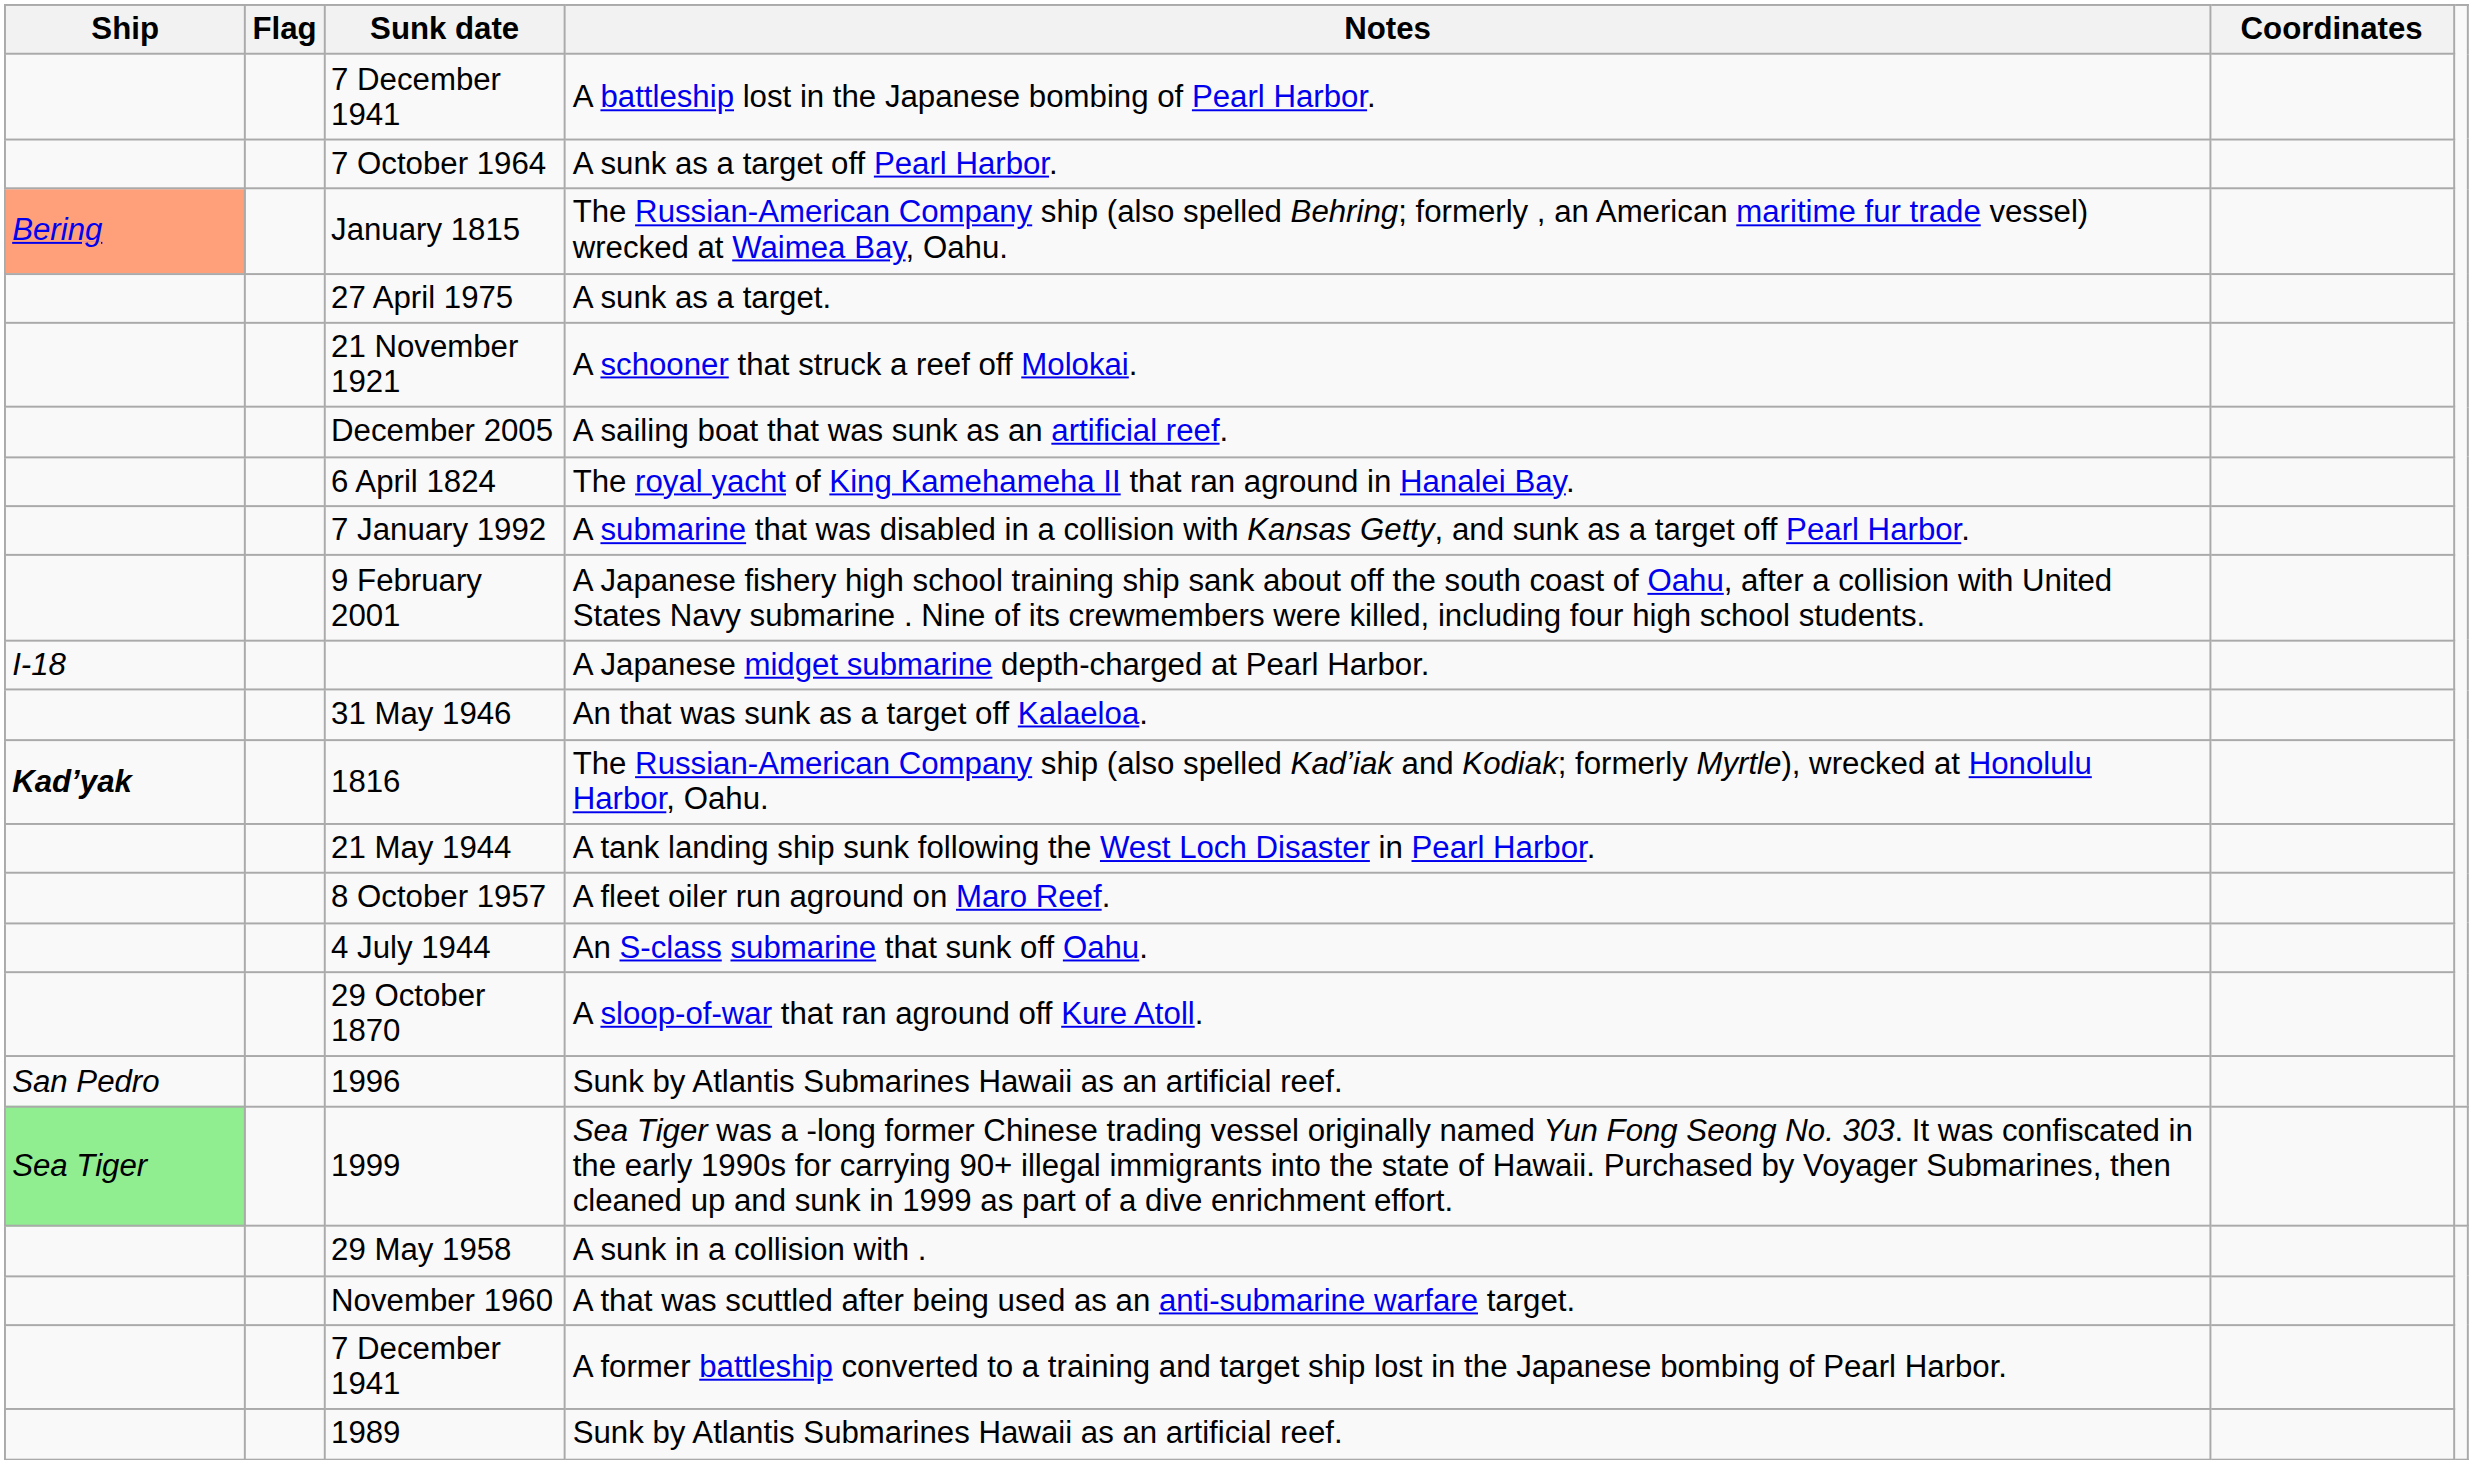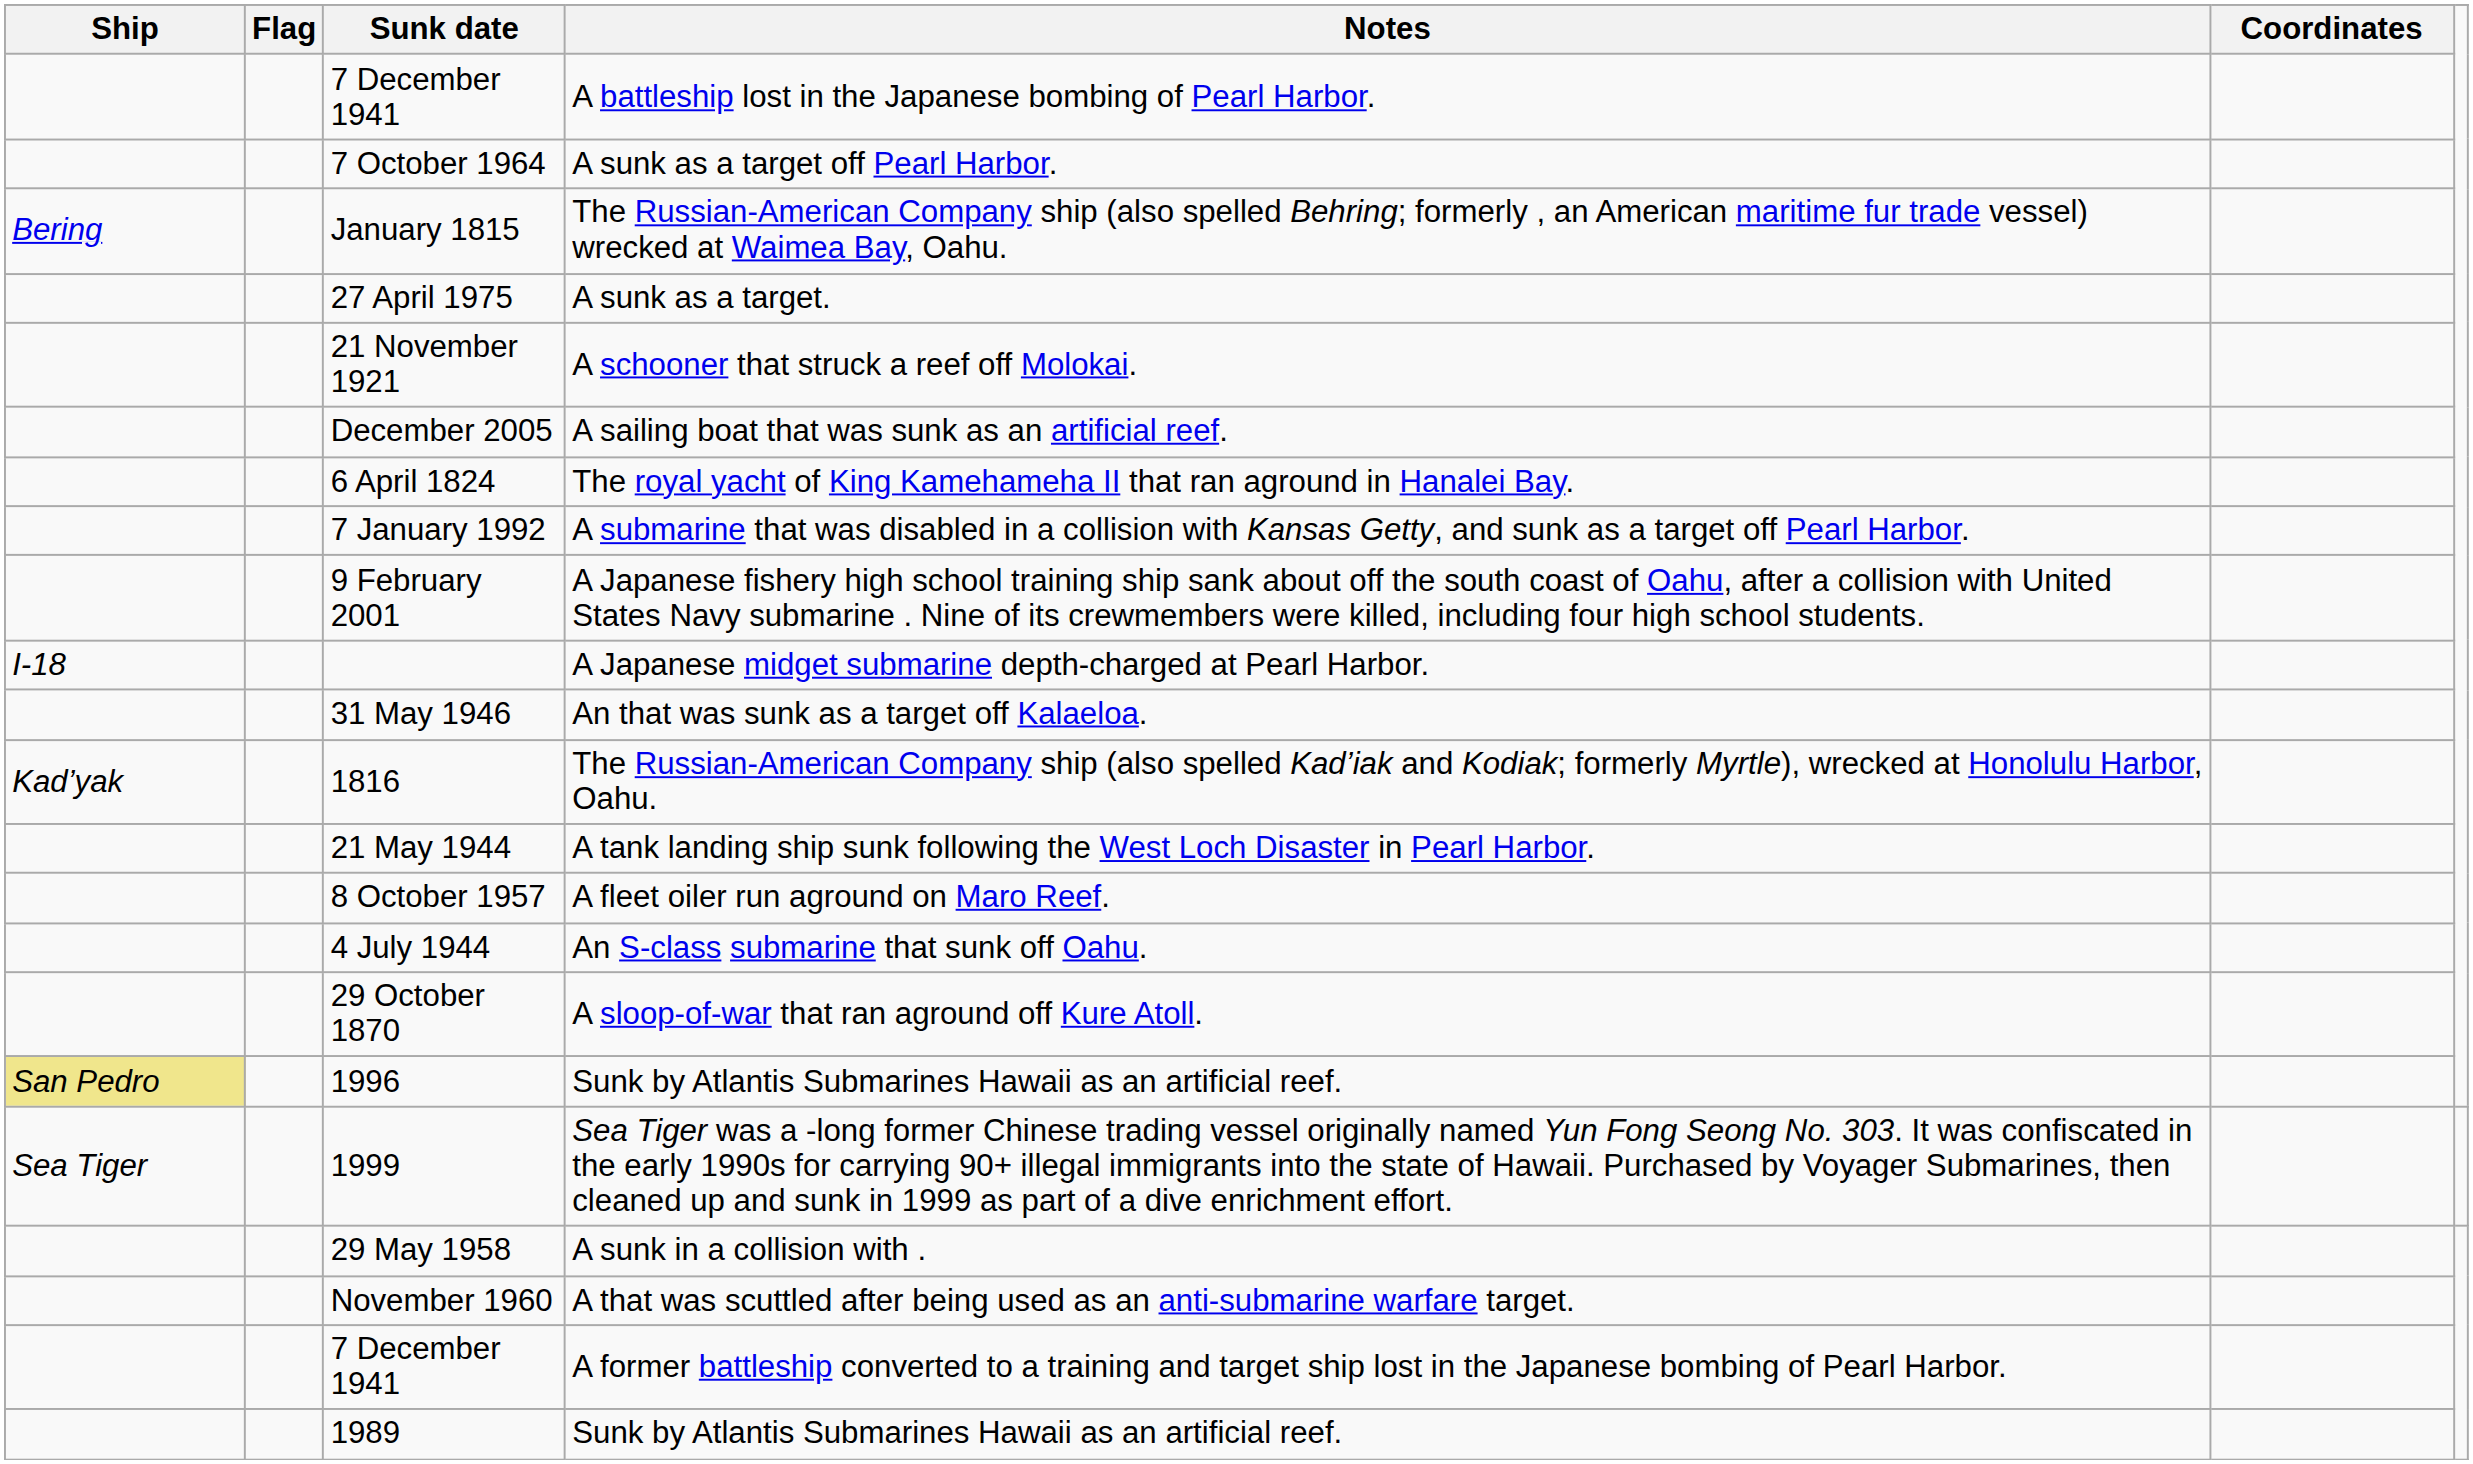 <table class=wikitable | style = "width:100%">
 <tr>
 <th style="width:10%">Ship</th>
 <th>Flag</th>
 <th style="width:10%">Sunk date</th>
 <th style="width:70%">Notes</th>
 <th style="width:10%">Coordinates</th>
 </tr>
 <tr>
 <td></td>
 <td></td>
 <td>7 December 1941</td>
 <td>A <a href='#'>battleship</a> lost in the Japanese bombing of <a href='#'>Pearl Harbor</a>.</td>
 <td></td>
 </tr>
 <tr>
 <td></td>
 <td></td>
 <td>7 October 1964</td>
 <td>A  sunk as a target off <a href='#'>Pearl Harbor</a>.</td>
 <td></td>
 </tr>
 <tr>
-<td style="background: lightsalmon;"><em><a href='#'>Bering</a></em></td>
+<td><em><a href='#'>Bering</a></em></td>
 <td></td>
 <td>January 1815</td>
 <td>The <a href='#'>Russian-American Company</a> ship (also spelled <em>Behring</em>; formerly , an American <a href='#'>maritime fur trade</a> vessel) wrecked at <a href='#'>Waimea Bay</a>, Oahu.</td>
 <td></td>
 </tr>
 <tr>
 <td></td>
 <td></td>
 <td>27 April 1975</td>
 <td>A  sunk as a target.</td>
 <td></td>
 </tr>
 <tr>
 <td></td>
 <td></td>
 <td>21 November 1921</td>
 <td>A <a href='#'>schooner</a> that struck a reef off <a href='#'>Molokai</a>.</td>
 <td></td>
 </tr>
 <tr>
 <td></td>
 <td></td>
 <td>December 2005</td>
 <td>A sailing boat that was sunk as an <a href='#'>artificial reef</a>.</td>
 <td></td>
 </tr>
 <tr>
 <td></td>
 <td></td>
 <td>6 April 1824</td>
 <td>The <a href='#'>royal yacht</a> of <a href='#'>King Kamehameha II</a> that ran aground in <a href='#'>Hanalei Bay</a>.</td>
 <td></td>
 </tr>
 <tr>
 <td></td>
 <td></td>
 <td>7 January 1992</td>
 <td>A <a href='#'>submarine</a> that was disabled in a collision with <em>Kansas Getty</em>, and sunk as a target off <a href='#'>Pearl Harbor</a>.</td>
 <td></td>
 </tr>
 <tr>
 <td></td>
 <td></td>
 <td>9 February 2001</td>
 <td>A Japanese fishery high school training ship sank about  off the south coast of <a href='#'>Oahu</a>, after a collision with United States Navy submarine . Nine of its crewmembers were killed, including four high school students.</td>
 <td></td>
 </tr>
 <tr>
 <td><em>I-18</em></td>
 <td></td>
 <td></td>
 <td>A Japanese <a href='#'>midget submarine</a> depth-charged at Pearl Harbor.</td>
 <td></td>
 </tr>
 <tr>
 <td></td>
 <td></td>
 <td>31 May 1946</td>
 <td>An  that was sunk as a target off <a href='#'>Kalaeloa</a>.</td>
 <td></td>
 </tr>
 <tr>
-<td><strong><em>Kad’yak</em></strong></td>
+<td><em>Kad’yak</em></td>
 <td></td>
 <td>1816</td>
 <td>The <a href='#'>Russian-American Company</a> ship (also spelled <em>Kad’iak</em> and <em>Kodiak</em>; formerly <em>Myrtle</em>), wrecked at <a href='#'>Honolulu Harbor</a>, Oahu.</td>
 <td></td>
 </tr>
 <tr>
 <td></td>
 <td></td>
 <td>21 May 1944</td>
 <td>A tank landing ship sunk following the <a href='#'>West Loch Disaster</a> in <a href='#'>Pearl Harbor</a>.</td>
 <td></td>
 </tr>
 <tr>
 <td></td>
 <td></td>
 <td>8 October 1957</td>
 <td>A fleet oiler run aground on <a href='#'>Maro Reef</a>.</td>
 <td></td>
 </tr>
 <tr>
 <td></td>
 <td></td>
 <td>4 July 1944</td>
 <td>An <a href='#'>S-class</a> <a href='#'>submarine</a> that sunk off <a href='#'>Oahu</a>.</td>
 <td></td>
 </tr>
 <tr>
 <td></td>
 <td></td>
 <td>29 October 1870</td>
 <td>A <a href='#'>sloop-of-war</a> that ran aground off <a href='#'>Kure Atoll</a>.</td>
 <td></td>
 </tr>
 <tr>
-<td><em>San Pedro</em></td>
+<td style="background: khaki;"><em>San Pedro</em></td>
 <td></td>
 <td>1996</td>
 <td>Sunk by Atlantis Submarines Hawaii as an artificial reef.</td>
 <td></td>
 </tr>
 <tr>
-<td style="background: lightgreen;"><em>Sea Tiger</em></td>
+<td><em>Sea Tiger</em></td>
 <td></td>
 <td>1999</td>
 <td><em>Sea Tiger</em> was a -long former Chinese trading vessel originally named <em>Yun Fong Seong No. 303</em>. It was confiscated in the early 1990s for carrying 90+ illegal immigrants into the state of Hawaii. Purchased by Voyager Submarines, then cleaned up and sunk in 1999 as part of a dive enrichment effort.</td>
 <td></td>
 <td></td>
 </tr>
 <tr>
 <td></td>
 <td></td>
 <td>29 May 1958</td>
 <td>A  sunk in a collision with .</td>
 <td></td>
 </tr>
 <tr>
 <td></td>
 <td></td>
 <td>November 1960</td>
 <td>A  that was scuttled after being used as an <a href='#'>anti-submarine warfare</a> target.</td>
 <td></td>
 </tr>
 <tr>
 <td></td>
 <td></td>
 <td>7 December 1941</td>
 <td>A former <a href='#'>battleship</a> converted to a training and target ship lost in the Japanese bombing of Pearl Harbor.</td>
 <td></td>
 </tr>
 <tr>
 <td></td>
 <td></td>
 <td>1989</td>
 <td>Sunk by Atlantis Submarines Hawaii as an artificial reef.</td>
 <td></td>
 </tr>
 </table>
